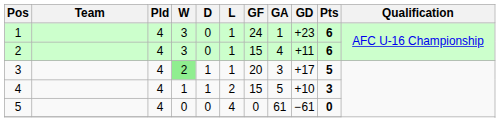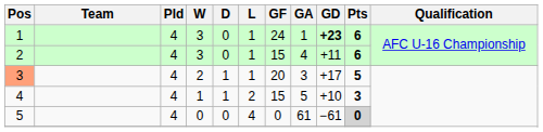 <table class="wikitable" border="1" style="text-align: center;">
 <tr>
 <th width="25"><abbr>Pos</abbr></th>
 <th width="150">Team</th>
 <th width="25"><abbr>Pld</abbr></th>
 <th width="25"><abbr>W</abbr></th>
 <th width="25"><abbr>D</abbr></th>
 <th width="25"><abbr>L</abbr></th>
 <th width="25"><abbr>GF</abbr></th>
 <th width="25"><abbr>GA</abbr></th>
 <th width="25"><abbr>GD</abbr></th>
 <th width="25"><abbr>Pts</abbr></th>
 <th width="200">Qualification</th>
 </tr>
 <tr bgcolor=#CCFFCC>
 <td>1</td>
 <td align="left"></td>
 <td>4</td>
 <td>3</td>
 <td>0</td>
 <td>1</td>
 <td>24</td>
 <td>1</td>
-<td>+23</td>
+<td><strong>+23</strong></td>
 <td><strong>6</strong></td>
 <td rowspan=2><a href='#'>AFC U-16 Championship</a></td>
 </tr>
 <tr bgcolor=#CCFFCC>
 <td>2</td>
 <td align="left"></td>
 <td>4</td>
 <td>3</td>
 <td>0</td>
 <td>1</td>
 <td>15</td>
 <td>4</td>
 <td>+11</td>
 <td><strong>6</strong></td>
 </tr>
 <tr>
-<td>3</td>
+<td style="background: lightsalmon;">3</td>
 <td align="left"></td>
 <td>4</td>
-<td style="background: lightgreen;">2</td>
+<td>2</td>
 <td>1</td>
 <td>1</td>
 <td>20</td>
 <td>3</td>
 <td>+17</td>
 <td><strong>5</strong></td>
 </tr>
 <tr>
 <td>4</td>
 <td align="left"></td>
 <td>4</td>
 <td>1</td>
 <td>1</td>
 <td>2</td>
 <td>15</td>
 <td>5</td>
 <td>+10</td>
 <td><strong>3</strong></td>
 </tr>
 <tr>
 <td>5</td>
 <td align="left"></td>
 <td>4</td>
 <td>0</td>
 <td>0</td>
 <td>4</td>
 <td>0</td>
 <td>61</td>
 <td>−61</td>
-<td><strong>0</strong></td>
+<td style="background: lightgrey;"><strong>0</strong></td>
 </tr>
 <tr>
 </tr>
 </table>
